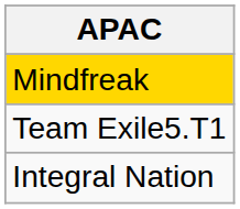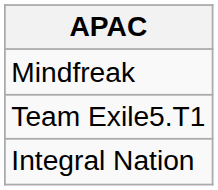 <table class="wikitable" style="display: inline-table;">
 <tr>
 <th>APAC</th>
 </tr>
 <tr>
-<td style="background: gold;">Mindfreak</td>
+<td>Mindfreak</td>
 </tr>
 <tr>
 <td>Team Exile5.T1</td>
 </tr>
 <tr>
 <td>Integral Nation</td>
 </tr>
 </table>
